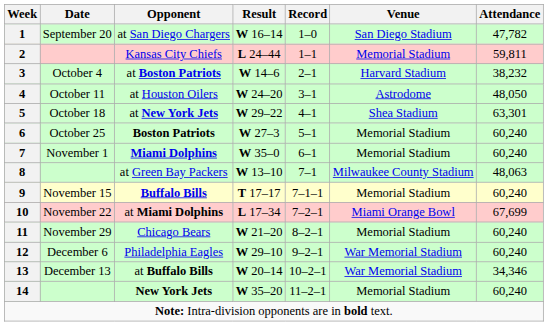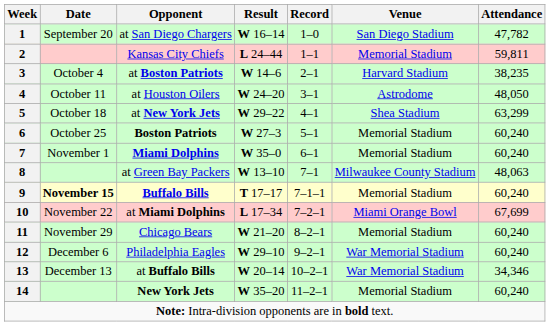 <table class="wikitable" style="text-align:center">
 <tr>
 <th>Week</th>
 <th>Date</th>
 <th>Opponent</th>
 <th>Result</th>
 <th>Record</th>
 <th>Venue</th>
 <th>Attendance</th>
 </tr>
 <tr style="background:#cfc">
 <th>1</th>
 <td>September 20</td>
 <td>at <a href='#'>San Diego Chargers</a></td>
 <td><strong>W</strong> 16–14</td>
 <td>1–0</td>
 <td><a href='#'>San Diego Stadium</a></td>
 <td>47,782</td>
 </tr>
 <tr style="background:#fcc">
 <th>2</th>
 <td></td>
 <td><a href='#'>Kansas City Chiefs</a></td>
 <td><strong>L</strong> 24–44</td>
 <td>1–1</td>
 <td><a href='#'>Memorial Stadium</a></td>
 <td>59,811</td>
 </tr>
 <tr style="background:#cfc">
 <th>3</th>
 <td>October 4</td>
 <td>at <strong><a href='#'>Boston Patriots</a></strong></td>
 <td><strong>W</strong> 14–6</td>
 <td>2–1</td>
 <td><a href='#'>Harvard Stadium</a></td>
-<td>38,232</td>
+<td>38,235</td>
 </tr>
 <tr style="background:#cfc">
 <th>4</th>
 <td>October 11</td>
 <td>at <a href='#'>Houston Oilers</a></td>
 <td><strong>W</strong> 24–20</td>
 <td>3–1</td>
 <td><a href='#'>Astrodome</a></td>
 <td>48,050</td>
 </tr>
 <tr style="background:#cfc">
 <th>5</th>
 <td>October 18</td>
 <td>at <strong><a href='#'>New York Jets</a></strong></td>
 <td><strong>W</strong> 29–22</td>
 <td>4–1</td>
 <td><a href='#'>Shea Stadium</a></td>
-<td>63,301</td>
+<td>63,299</td>
 </tr>
 <tr style="background:#cfc">
 <th>6</th>
 <td>October 25</td>
 <td><strong>Boston Patriots</strong></td>
 <td><strong>W</strong> 27–3</td>
 <td>5–1</td>
 <td>Memorial Stadium</td>
 <td>60,240</td>
 </tr>
 <tr style="background:#cfc">
 <th>7</th>
 <td>November 1</td>
 <td><strong><a href='#'>Miami Dolphins</a></strong></td>
 <td><strong>W</strong> 35–0</td>
 <td>6–1</td>
 <td>Memorial Stadium</td>
 <td>60,240</td>
 </tr>
 <tr style="background:#cfc">
 <th>8</th>
 <td></td>
 <td>at <a href='#'>Green Bay Packers</a></td>
 <td><strong>W</strong> 13–10</td>
 <td>7–1</td>
 <td><a href='#'>Milwaukee County Stadium</a></td>
 <td>48,063</td>
 </tr>
 <tr style="background:#ffc">
 <th>9</th>
-<td>November 15</td>
+<td><strong>November 15</strong></td>
 <td><strong><a href='#'>Buffalo Bills</a></strong></td>
 <td><strong>T</strong> 17–17</td>
 <td>7–1–1</td>
 <td>Memorial Stadium</td>
 <td>60,240</td>
 </tr>
 <tr style="background:#fcc">
 <th>10</th>
 <td>November 22</td>
 <td>at <strong>Miami Dolphins</strong></td>
 <td><strong>L</strong> 17–34</td>
 <td>7–2–1</td>
 <td><a href='#'>Miami Orange Bowl</a></td>
 <td>67,699</td>
 </tr>
 <tr style="background:#cfc">
 <th>11</th>
 <td>November 29</td>
 <td><a href='#'>Chicago Bears</a></td>
 <td><strong>W</strong> 21–20</td>
 <td>8–2–1</td>
 <td>Memorial Stadium</td>
 <td>60,240</td>
 </tr>
 <tr style="background:#cfc">
 <th>12</th>
 <td>December 6</td>
 <td><a href='#'>Philadelphia Eagles</a></td>
 <td><strong>W</strong> 29–10</td>
 <td>9–2–1</td>
 <td><a href='#'>War Memorial Stadium</a></td>
 <td>60,240</td>
 </tr>
 <tr style="background:#cfc">
 <th>13</th>
 <td>December 13</td>
 <td>at <strong>Buffalo Bills</strong></td>
 <td><strong>W</strong> 20–14</td>
 <td>10–2–1</td>
 <td><a href='#'>War Memorial Stadium</a></td>
 <td>34,346</td>
 </tr>
 <tr style="background:#cfc">
 <th>14</th>
 <td></td>
 <td><strong>New York Jets</strong></td>
 <td><strong>W</strong> 35–20</td>
 <td>11–2–1</td>
 <td>Memorial Stadium</td>
 <td>60,240</td>
 </tr>
 <tr>
 <td colspan="8"><strong>Note:</strong> Intra-division opponents are in <strong>bold</strong> text.</td>
 </tr>
 </table>
